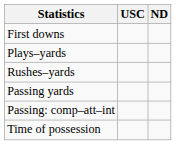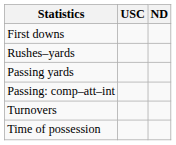 <table class="wikitable" style="float:left">
 <tr>
 <th>Statistics</th>
 <th>USC</th>
 <th>ND</th>
 </tr>
 <tr>
 <td>First downs</td>
-<td></td>
-<td></td>
-</tr>
-<tr>
-<td>Plays–yards</td>
 <td></td>
 <td></td>
 </tr>
 <tr>
 <td>Rushes–yards</td>
 <td></td>
 <td></td>
 </tr>
 <tr>
 <td>Passing yards</td>
 <td></td>
 <td></td>
 </tr>
 <tr>
 <td>Passing: comp–att–int</td>
 <td></td>
 <td></td>
 </tr>
 <tr>
+<td>Turnovers</td>
+<td></td>
+<td></td>
+</tr>
+<tr>
 <td>Time of possession</td>
 <td></td>
 <td></td>
 </tr>
 </table>
